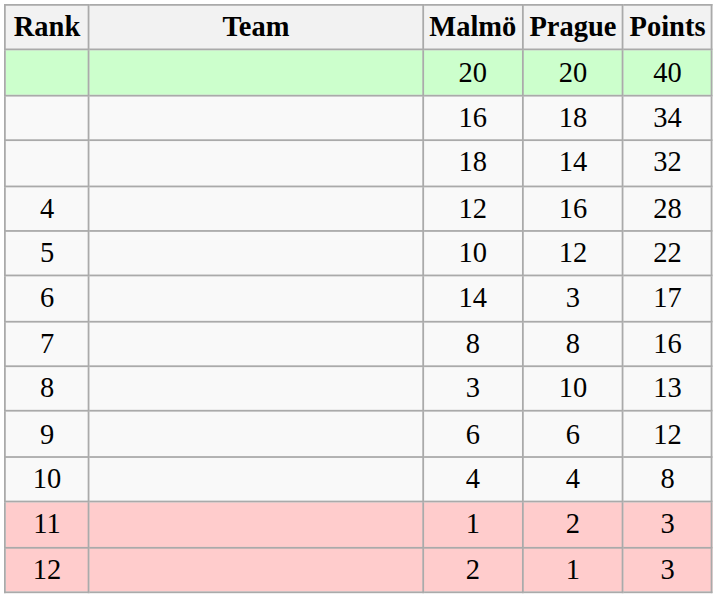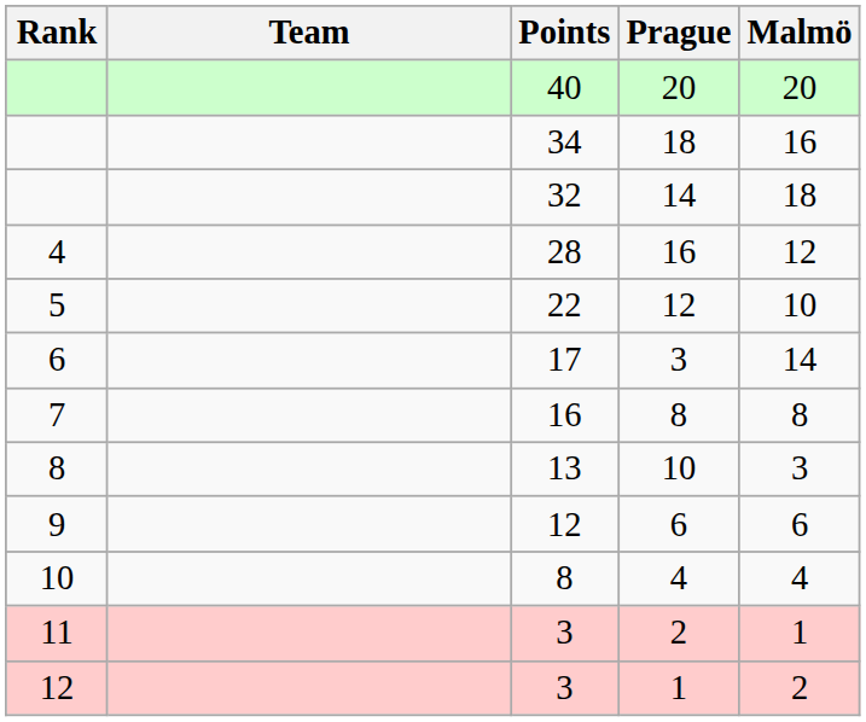 <table class="wikitable" style="text-align: center;">
 <tr>
 <th width=40>Rank</th>
 <th width=180>Team</th>
+<th width=40>Points</th>
+<th width=40>Prague</th>
 <th width=40>Malmö</th>
-<th width=40>Prague</th>
-<th width=40>Points</th>
 </tr>
 <tr bgcolor=ccffcc>
 <td></td>
 <td align=left></td>
+<td>40</td>
 <td>20</td>
 <td>20</td>
-<td>40</td>
 </tr>
 <tr>
 <td></td>
 <td align=left></td>
+<td>34</td>
+<td>18</td>
 <td>16</td>
-<td>18</td>
-<td>34</td>
 </tr>
 <tr>
 <td></td>
 <td align=left></td>
+<td>32</td>
+<td>14</td>
 <td>18</td>
-<td>14</td>
-<td>32</td>
 </tr>
 <tr>
 <td>4</td>
 <td align=left></td>
+<td>28</td>
+<td>16</td>
 <td>12</td>
-<td>16</td>
-<td>28</td>
 </tr>
 <tr>
 <td>5</td>
 <td align=left></td>
+<td>22</td>
+<td>12</td>
 <td>10</td>
-<td>12</td>
-<td>22</td>
 </tr>
 <tr>
 <td>6</td>
 <td align=left></td>
+<td>17</td>
+<td>3</td>
 <td>14</td>
-<td>3</td>
-<td>17</td>
 </tr>
 <tr>
 <td>7</td>
 <td align=left></td>
+<td>16</td>
 <td>8</td>
 <td>8</td>
-<td>16</td>
 </tr>
 <tr>
 <td>8</td>
 <td align=left></td>
+<td>13</td>
+<td>10</td>
 <td>3</td>
-<td>10</td>
-<td>13</td>
 </tr>
 <tr>
 <td>9</td>
 <td align=left></td>
+<td>12</td>
 <td>6</td>
 <td>6</td>
-<td>12</td>
 </tr>
 <tr>
 <td>10</td>
 <td align=left></td>
+<td>8</td>
 <td>4</td>
 <td>4</td>
-<td>8</td>
 </tr>
 <tr bgcolor=ffcccc>
 <td>11</td>
 <td align=left></td>
+<td>3</td>
+<td>2</td>
 <td>1</td>
-<td>2</td>
-<td>3</td>
 </tr>
 <tr bgcolor=ffcccc>
 <td>12</td>
 <td align=left></td>
+<td>3</td>
+<td>1</td>
 <td>2</td>
-<td>1</td>
-<td>3</td>
 </tr>
 </table>
